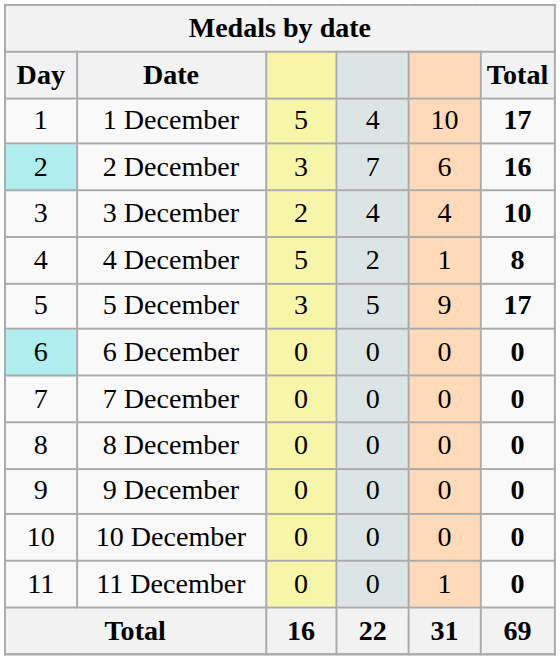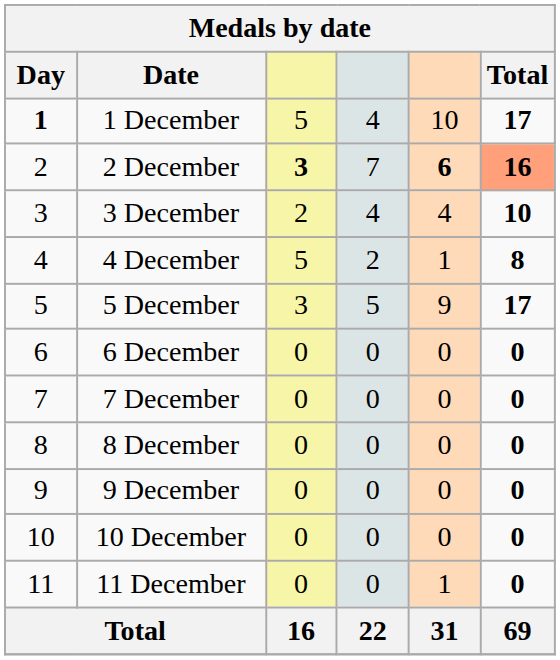 <table class="wikitable" style="font-size:90%; text-align:center;">
 <tr style="background:#efefef;">
 <th colspan=6><strong>Medals by date</strong></th>
 </tr>
 <tr>
 <th width=30><strong>Day</strong></th>
 <th width=90><strong>Date</strong></th>
 <th width=30 style="background:#F7F6A8;"></th>
 <th width=30 style="background:#DCE5E5;"></th>
 <th width=30 style="background:#FFDAB9;"></th>
 <th width=30><strong>Total</strong></th>
 </tr>
 <tr>
-<td>1</td>
+<td><strong>1</strong></td>
 <td>1 December</td>
 <td style="background:#F7F6A8;">5</td>
 <td style="background:#DCE5E5;">4</td>
 <td style="background:#FFDAB9;">10</td>
 <td><strong>17</strong></td>
 </tr>
 <tr>
-<td style="background: paleturquoise;">2</td>
+<td>2</td>
 <td>2 December</td>
-<td style="background:#F7F6A8;">3</td>
+<td style="background:#F7F6A8;"><strong>3</strong></td>
 <td style="background:#DCE5E5;">7</td>
-<td style="background:#FFDAB9;">6</td>
-<td><strong>16</strong></td>
+<td style="background:#FFDAB9;"><strong>6</strong></td>
+<td style="background: lightsalmon;"><strong>16</strong></td>
 </tr>
 <tr>
 <td>3</td>
 <td>3 December</td>
 <td style="background:#F7F6A8;">2</td>
 <td style="background:#DCE5E5;">4</td>
 <td style="background:#FFDAB9;">4</td>
 <td><strong>10</strong></td>
 </tr>
 <tr>
 <td>4</td>
 <td>4 December</td>
 <td style="background:#F7F6A8;">5</td>
 <td style="background:#DCE5E5;">2</td>
 <td style="background:#FFDAB9;">1</td>
 <td><strong>8</strong></td>
 </tr>
 <tr>
 <td>5</td>
 <td>5 December</td>
 <td style="background:#F7F6A8;">3</td>
 <td style="background:#DCE5E5;">5</td>
 <td style="background:#FFDAB9;">9</td>
 <td><strong>17</strong></td>
 </tr>
 <tr>
-<td style="background: paleturquoise;">6</td>
+<td>6</td>
 <td>6 December</td>
 <td style="background:#F7F6A8;">0</td>
 <td style="background:#DCE5E5;">0</td>
 <td style="background:#FFDAB9;">0</td>
 <td><strong>0</strong></td>
 </tr>
 <tr>
 <td>7</td>
 <td>7 December</td>
 <td style="background:#F7F6A8;">0</td>
 <td style="background:#DCE5E5;">0</td>
 <td style="background:#FFDAB9;">0</td>
 <td><strong>0</strong></td>
 </tr>
 <tr>
 <td>8</td>
 <td>8 December</td>
 <td style="background:#F7F6A8;">0</td>
 <td style="background:#DCE5E5;">0</td>
 <td style="background:#FFDAB9;">0</td>
 <td><strong>0</strong></td>
 </tr>
 <tr>
 <td>9</td>
 <td>9 December</td>
 <td style="background:#F7F6A8;">0</td>
 <td style="background:#DCE5E5;">0</td>
 <td style="background:#FFDAB9;">0</td>
 <td><strong>0</strong></td>
 </tr>
 <tr>
 <td>10</td>
 <td>10 December</td>
 <td style="background:#F7F6A8;">0</td>
 <td style="background:#DCE5E5;">0</td>
 <td style="background:#FFDAB9;">0</td>
 <td><strong>0</strong></td>
 </tr>
 <tr>
 <td>11</td>
 <td>11 December</td>
 <td style="background:#F7F6A8;">0</td>
 <td style="background:#DCE5E5;">0</td>
 <td style="background:#FFDAB9;">1</td>
 <td><strong>0</strong></td>
 </tr>
 <tr>
 <th colspan="2"><strong>Total</strong></th>
 <th><strong>16</strong></th>
 <th><strong>22</strong></th>
 <th><strong>31</strong></th>
 <th><strong>69</strong></th>
 </tr>
 <tr>
 </tr>
 </table>
